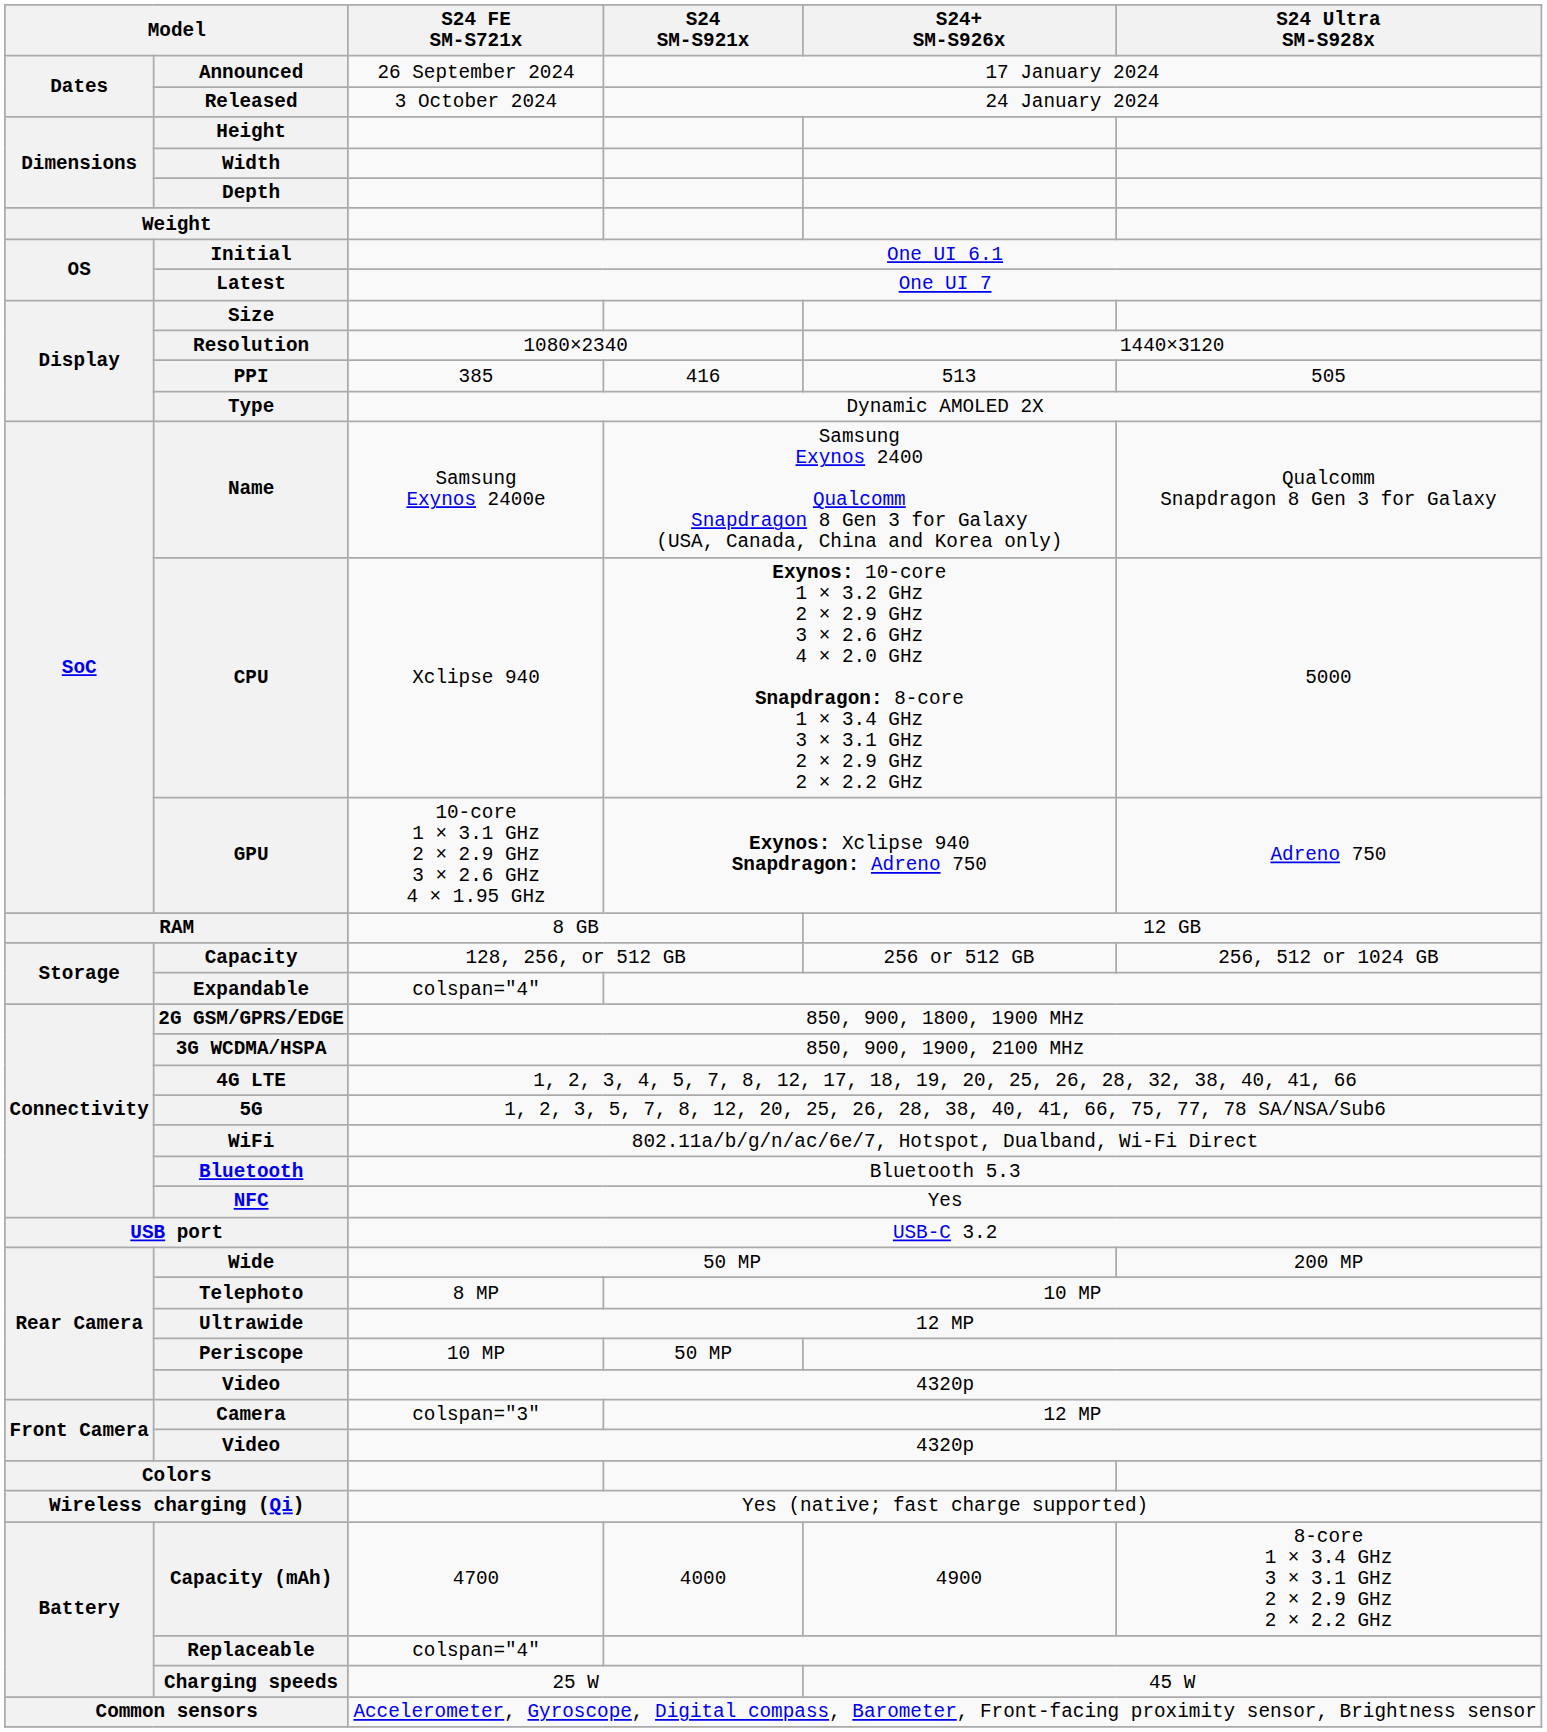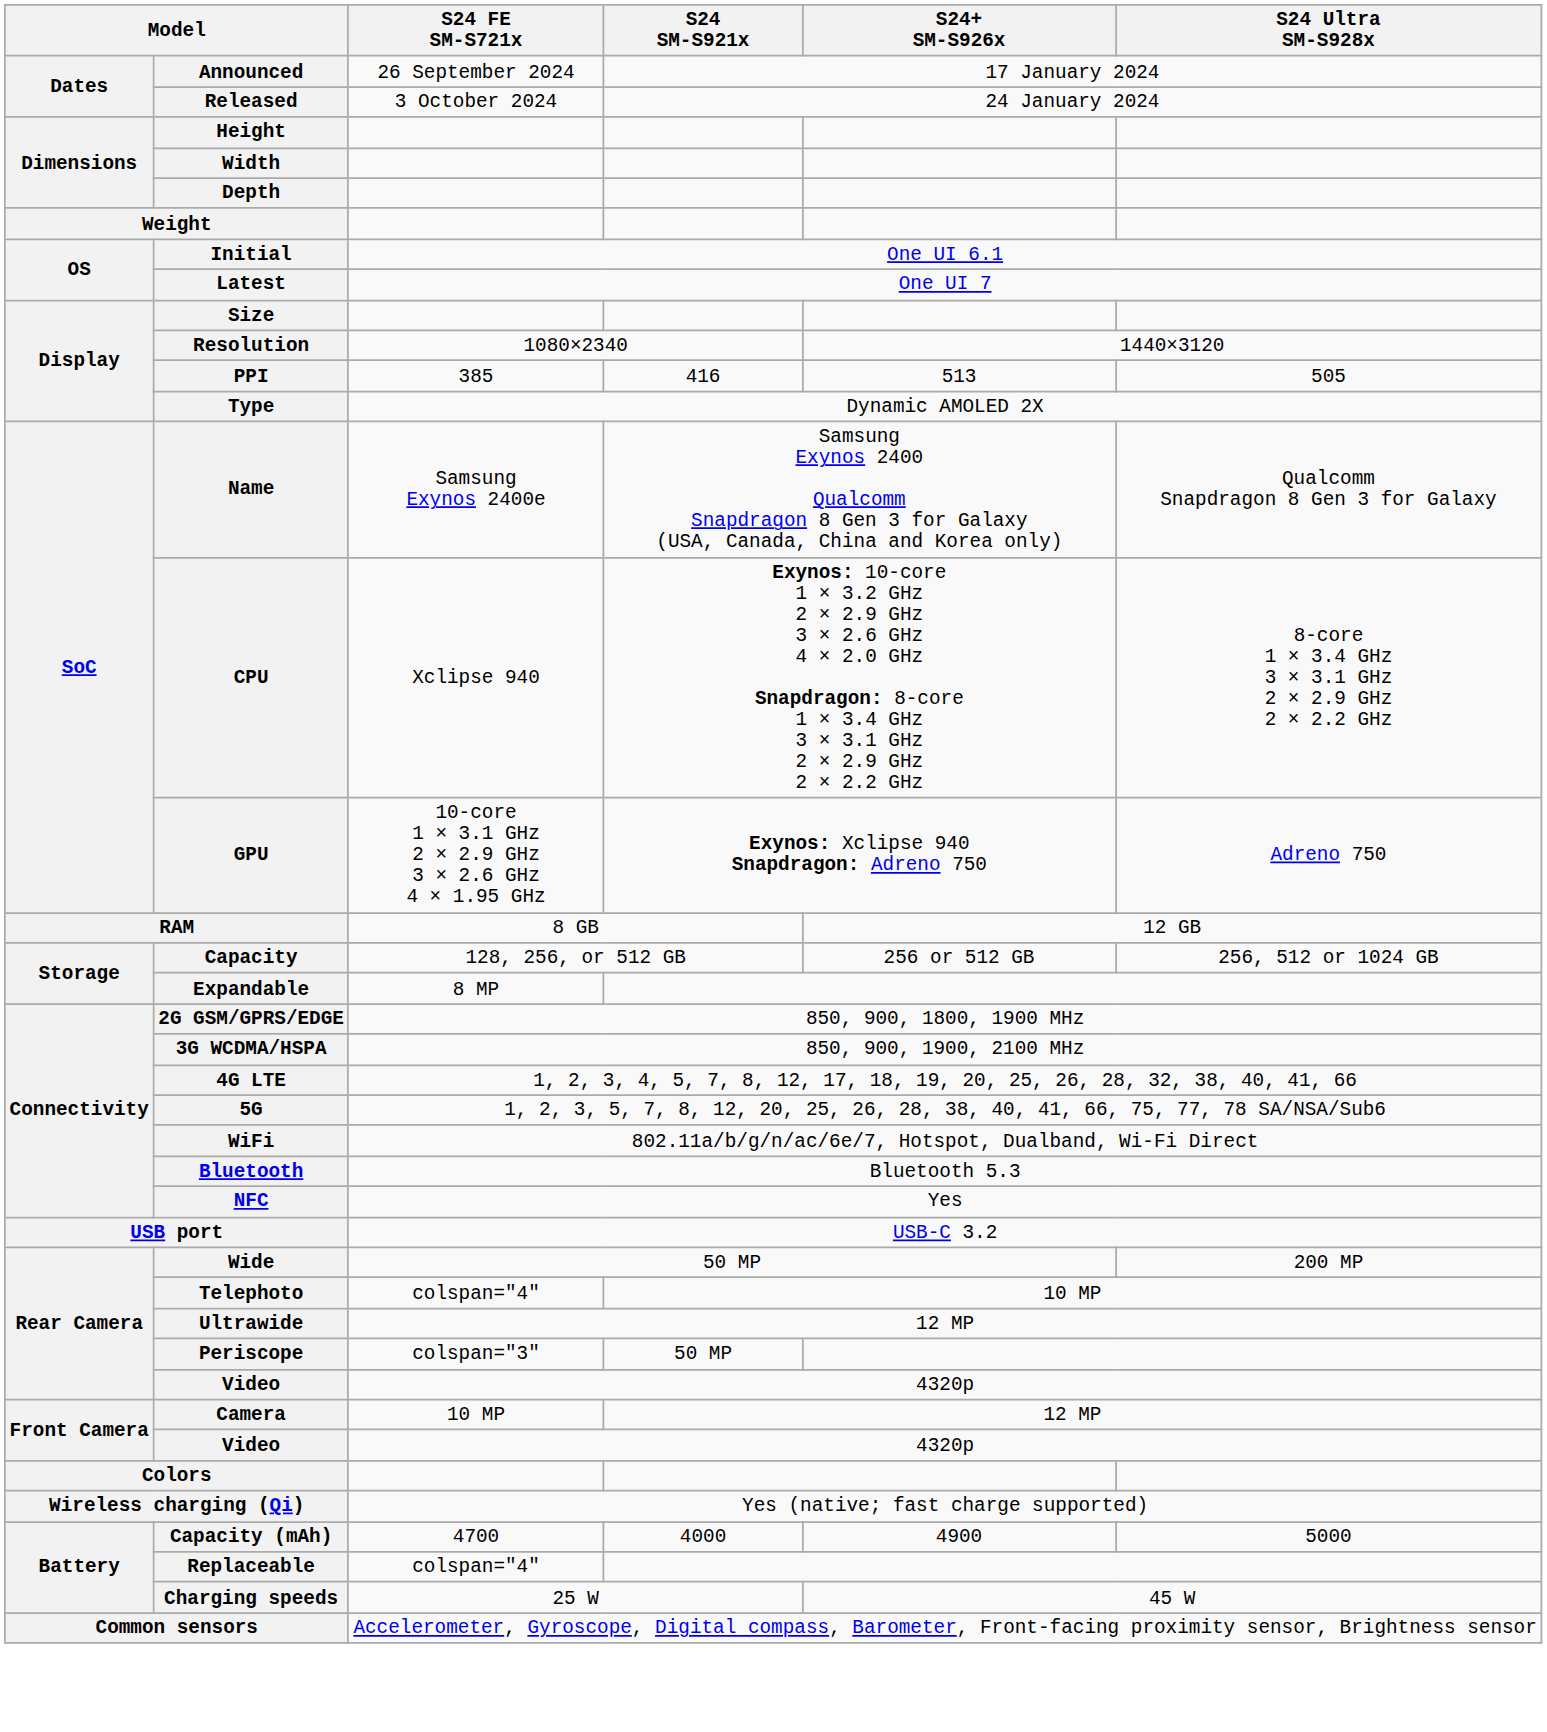 <table class="wikitable" style="text-align: center; font-size:85%">
 <tr>
 <th colspan="2">Model</th>
 <th>S24 FE<br>SM-S721x</th>
 <th>S24<br>SM-S921x</th>
 <th>S24+<br>SM-S926x</th>
 <th>S24 Ultra<br>SM-S928x</th>
 </tr>
 <tr>
 <th rowspan="2">Dates</th>
 <th>Announced</th>
 <td>26 September 2024</td>
 <td colspan="3">17 January 2024</td>
 </tr>
 <tr>
 <th>Released</th>
 <td>3 October 2024</td>
 <td colspan="3">24 January 2024</td>
 </tr>
 <tr>
 <th rowspan="3">Dimensions<br></th>
 <th>Height</th>
 <td></td>
 <td></td>
 <td></td>
 <td></td>
 </tr>
 <tr>
 <th>Width</th>
 <td></td>
 <td></td>
 <td></td>
 <td></td>
 </tr>
 <tr>
 <th>Depth</th>
 <td></td>
 <td></td>
 <td></td>
 <td></td>
 </tr>
 <tr>
 <th colspan="2">Weight<br></th>
 <td></td>
 <td></td>
 <td></td>
 <td></td>
 </tr>
 <tr>
 <th rowspan="2" title="Operating System">OS</th>
 <th>Initial</th>
 <td colspan="4"><a href='#'>One UI 6.1</a><br></td>
 </tr>
 <tr>
 <th>Latest</th>
 <td colspan="4"><a href='#'>One UI 7</a><br></td>
 </tr>
 <tr>
 <th rowspan="4">Display</th>
 <th>Size</th>
 <td></td>
 <td></td>
 <td></td>
 <td></td>
 </tr>
 <tr>
 <th>Resolution</th>
 <td colspan="2">1080×2340</td>
 <td colspan="2">1440×3120</td>
 </tr>
 <tr>
 <th title="Pixels per Inch">PPI</th>
 <td>385</td>
 <td>416</td>
 <td>513</td>
 <td>505</td>
 </tr>
 <tr>
 <th>Type</th>
 <td colspan="4">Dynamic AMOLED 2X</td>
 </tr>
 <tr>
 <th rowspan="3"><a href='#'>SoC</a></th>
 <th>Name</th>
 <td>Samsung<br><a href='#'>Exynos</a> 2400e</td>
 <td colspan="2">Samsung<br><a href='#'>Exynos</a> 2400<br><br><a href='#'>Qualcomm</a><br><a href='#'>Snapdragon</a> 8 Gen 3 for Galaxy<br>(USA, Canada, China and Korea only)</td>
 <td>Qualcomm<br>Snapdragon 8 Gen 3 for Galaxy</td>
 </tr>
 <tr>
 <th>CPU</th>
 <td>Xclipse 940</td>
 <td colspan="2"><strong>Exynos:</strong> 10-core<br>1 × 3.2 GHz<br>2 × 2.9 GHz<br>3 × 2.6 GHz<br>4 × 2.0 GHz<br><br><strong>Snapdragon:</strong> 8-core<br>1 × 3.4 GHz<br>3 × 3.1 GHz<br>2 × 2.9 GHz<br>2 × 2.2 GHz</td>
-<td>5000</td>
+<td>8-core<br>1 × 3.4 GHz<br>3 × 3.1 GHz<br>2 × 2.9 GHz<br>2 × 2.2 GHz</td>
 </tr>
 <tr>
 <th>GPU</th>
 <td>10-core<br>1 × 3.1 GHz<br>2 × 2.9 GHz<br>3 × 2.6 GHz<br>4 × 1.95 GHz</td>
 <td colspan="2"><strong>Exynos:</strong> Xclipse 940<br><strong>Snapdragon:</strong> <a href='#'>Adreno</a> 750</td>
 <td><a href='#'>Adreno</a> 750</td>
 </tr>
 <tr>
 <th colspan="2">RAM</th>
 <td colspan="2">8 GB</td>
 <td colspan="2">12 GB</td>
 </tr>
 <tr>
 <th rowspan="2">Storage</th>
 <th>Capacity</th>
 <td colspan="2">128, 256, or 512 GB</td>
 <td>256 or 512 GB</td>
 <td>256, 512 or 1024 GB</td>
 </tr>
 <tr>
 <th>Expandable</th>
-<td>colspan="4" </td>
+<td>8 MP</td>
 </tr>
 <tr>
 <th rowspan="7">Connectivity</th>
 <th>2G GSM/GPRS/EDGE</th>
 <td colspan="4">850, 900, 1800, 1900 MHz</td>
 </tr>
 <tr>
 <th>3G WCDMA/HSPA</th>
 <td colspan="4">850, 900, 1900, 2100 MHz</td>
 </tr>
 <tr>
 <th>4G LTE</th>
 <td colspan="4">1, 2, 3, 4, 5, 7, 8, 12, 17, 18, 19, 20, 25, 26, 28, 32, 38, 40, 41, 66</td>
 </tr>
 <tr>
 <th>5G</th>
 <td colspan="4">1, 2, 3, 5, 7, 8, 12, 20, 25, 26, 28, 38, 40, 41, 66, 75, 77, 78 SA/NSA/Sub6</td>
 </tr>
 <tr>
 <th>WiFi</th>
 <td colspan="4">802.11a/b/g/n/ac/6e/7, Hotspot, Dualband, Wi-Fi Direct</td>
 </tr>
 <tr>
 <th><a href='#'>Bluetooth</a></th>
 <td colspan="4">Bluetooth 5.3</td>
 </tr>
 <tr>
 <th><a href='#'>NFC</a></th>
 <td colspan="4">Yes</td>
 </tr>
 <tr>
 <th colspan="2"><a href='#'>USB</a> port</th>
 <td colspan="4"><a href='#'>USB-C</a> 3.2</td>
 </tr>
 <tr>
 <th rowspan="5">Rear Camera</th>
 <th>Wide</th>
 <td colspan="3">50 MP</td>
 <td>200 MP</td>
 </tr>
 <tr>
 <th>Telephoto</th>
-<td>8 MP</td>
+<td>colspan="4" </td>
 <td colspan="3">10 MP</td>
 </tr>
 <tr>
 <th>Ultrawide</th>
 <td colspan="4">12 MP</td>
 </tr>
 <tr>
 <th>Periscope</th>
-<td>10 MP</td>
+<td>colspan="3" </td>
 <td>50 MP</td>
 </tr>
 <tr>
 <th>Video</th>
 <td colspan="4">4320p</td>
 </tr>
 <tr>
 <th rowspan="2">Front Camera</th>
 <th>Camera</th>
-<td>colspan="3" </td>
+<td>10 MP</td>
 <td colspan="3">12 MP</td>
 </tr>
 <tr>
 <th>Video</th>
 <td colspan="4">4320p</td>
 </tr>
 <tr>
 <th colspan="2">Colors</th>
 <td></td>
 <td colspan="2"></td>
 <td></td>
 </tr>
 <tr>
 <th colspan="2">Wireless charging (<a href='#'>Qi</a>)</th>
 <td colspan="4">Yes (native; fast charge supported)</td>
 </tr>
 <tr>
 <th rowspan="3">Battery</th>
 <th>Capacity (mAh)</th>
 <td>4700</td>
 <td>4000</td>
 <td>4900</td>
-<td>8-core<br>1 × 3.4 GHz<br>3 × 3.1 GHz<br>2 × 2.9 GHz<br>2 × 2.2 GHz</td>
+<td>5000</td>
 </tr>
 <tr>
 <th>Replaceable</th>
 <td>colspan="4" </td>
 </tr>
 <tr>
 <th>Charging speeds</th>
 <td colspan="2">25 W</td>
 <td colspan="2">45 W</td>
 </tr>
 <tr>
 <th colspan="2">Common sensors</th>
 <td colspan="4"><a href='#'>Accelerometer</a>, <a href='#'>Gyroscope</a>, <a href='#'>Digital compass</a>, <a href='#'>Barometer</a>, Front-facing proximity sensor, Brightness sensor</td>
 </tr>
 </table>
